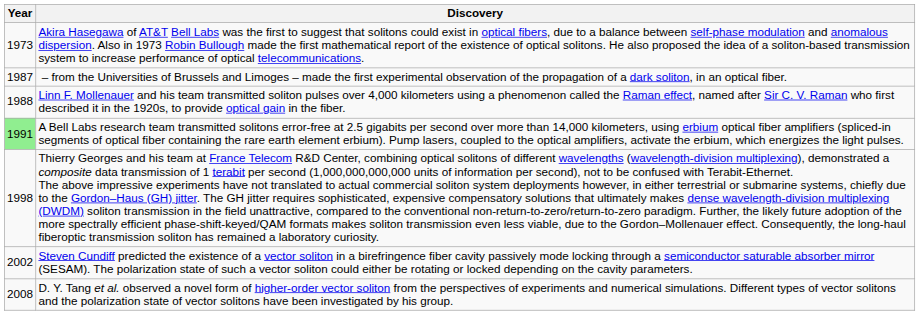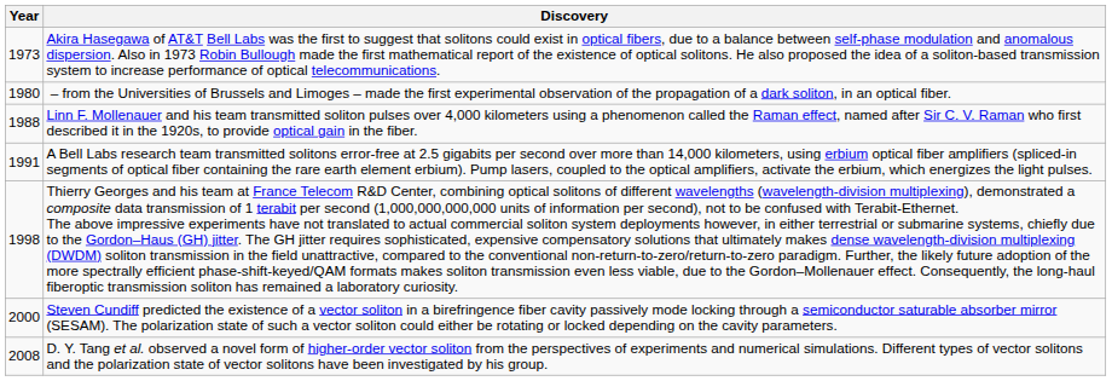 <table class="wikitable">
 <tr>
 <th>Year</th>
 <th>Discovery</th>
 </tr>
 <tr>
 <td>1973</td>
 <td><a href='#'>Akira Hasegawa</a> of <a href='#'>AT&T</a> <a href='#'>Bell Labs</a> was the first to suggest that solitons could exist in <a href='#'>optical fibers</a>, due to a balance between <a href='#'>self-phase modulation</a> and <a href='#'>anomalous dispersion</a>. Also in 1973 <a href='#'>Robin Bullough</a> made the first mathematical report of the existence of optical solitons. He also proposed the idea of a soliton-based transmission system to increase performance of optical <a href='#'>telecommunications</a>.</td>
 </tr>
 <tr>
-<td>1987</td>
+<td>1980</td>
 <td> – from the Universities of Brussels and Limoges – made the first experimental observation of the propagation of a <a href='#'>dark soliton</a>, in an optical fiber.</td>
 </tr>
 <tr>
 <td>1988</td>
 <td><a href='#'>Linn F. Mollenauer</a> and his team transmitted soliton pulses over 4,000 kilometers using a phenomenon called the <a href='#'>Raman effect</a>, named after <a href='#'>Sir C. V. Raman</a> who first described it in the 1920s, to provide <a href='#'>optical gain</a> in the fiber.</td>
 </tr>
 <tr>
-<td style="background: lightgreen;">1991</td>
+<td>1991</td>
 <td>A Bell Labs research team transmitted solitons error-free at 2.5 gigabits per second over more than 14,000 kilometers, using <a href='#'>erbium</a> optical fiber amplifiers (spliced-in segments of optical fiber containing the rare earth element erbium). Pump lasers, coupled to the optical amplifiers, activate the erbium, which energizes the light pulses.</td>
 </tr>
 <tr>
 <td>1998</td>
 <td>Thierry Georges and his team at <a href='#'>France Telecom</a> R&D Center, combining optical solitons of different <a href='#'>wavelengths</a> (<a href='#'>wavelength-division multiplexing</a>), demonstrated a <em>composite</em> data transmission of 1 <a href='#'>terabit</a> per second (1,000,000,000,000 units of information per second), not to be confused with Terabit-Ethernet.<br>The above impressive experiments have not translated to actual commercial soliton system deployments however, in either terrestrial or submarine systems, chiefly due to the <a href='#'>Gordon–Haus (GH) jitter</a>. The GH jitter requires sophisticated, expensive compensatory solutions that ultimately makes <a href='#'>dense wavelength-division multiplexing (DWDM)</a> soliton transmission in the field unattractive, compared to the conventional non-return-to-zero/return-to-zero paradigm. Further, the likely future adoption of the more spectrally efficient phase-shift-keyed/QAM formats makes soliton transmission even less viable, due to the Gordon–Mollenauer effect. Consequently, the long-haul fiberoptic transmission soliton has remained a laboratory curiosity.</td>
 </tr>
 <tr>
-<td>2002</td>
+<td>2000</td>
 <td><a href='#'>Steven Cundiff</a> predicted the existence of a <a href='#'>vector soliton</a> in a birefringence fiber cavity passively mode locking through a <a href='#'>semiconductor saturable absorber mirror</a> (SESAM). The polarization state of such a vector soliton could either be rotating or locked depending on the cavity parameters.</td>
 </tr>
 <tr>
 <td>2008</td>
 <td>D. Y. Tang <em>et al.</em> observed a novel form of <a href='#'>higher-order vector soliton</a> from the perspectives of experiments and numerical simulations.  Different types of vector solitons and the polarization state of vector solitons have been investigated by his group.</td>
 </tr>
 </table>
